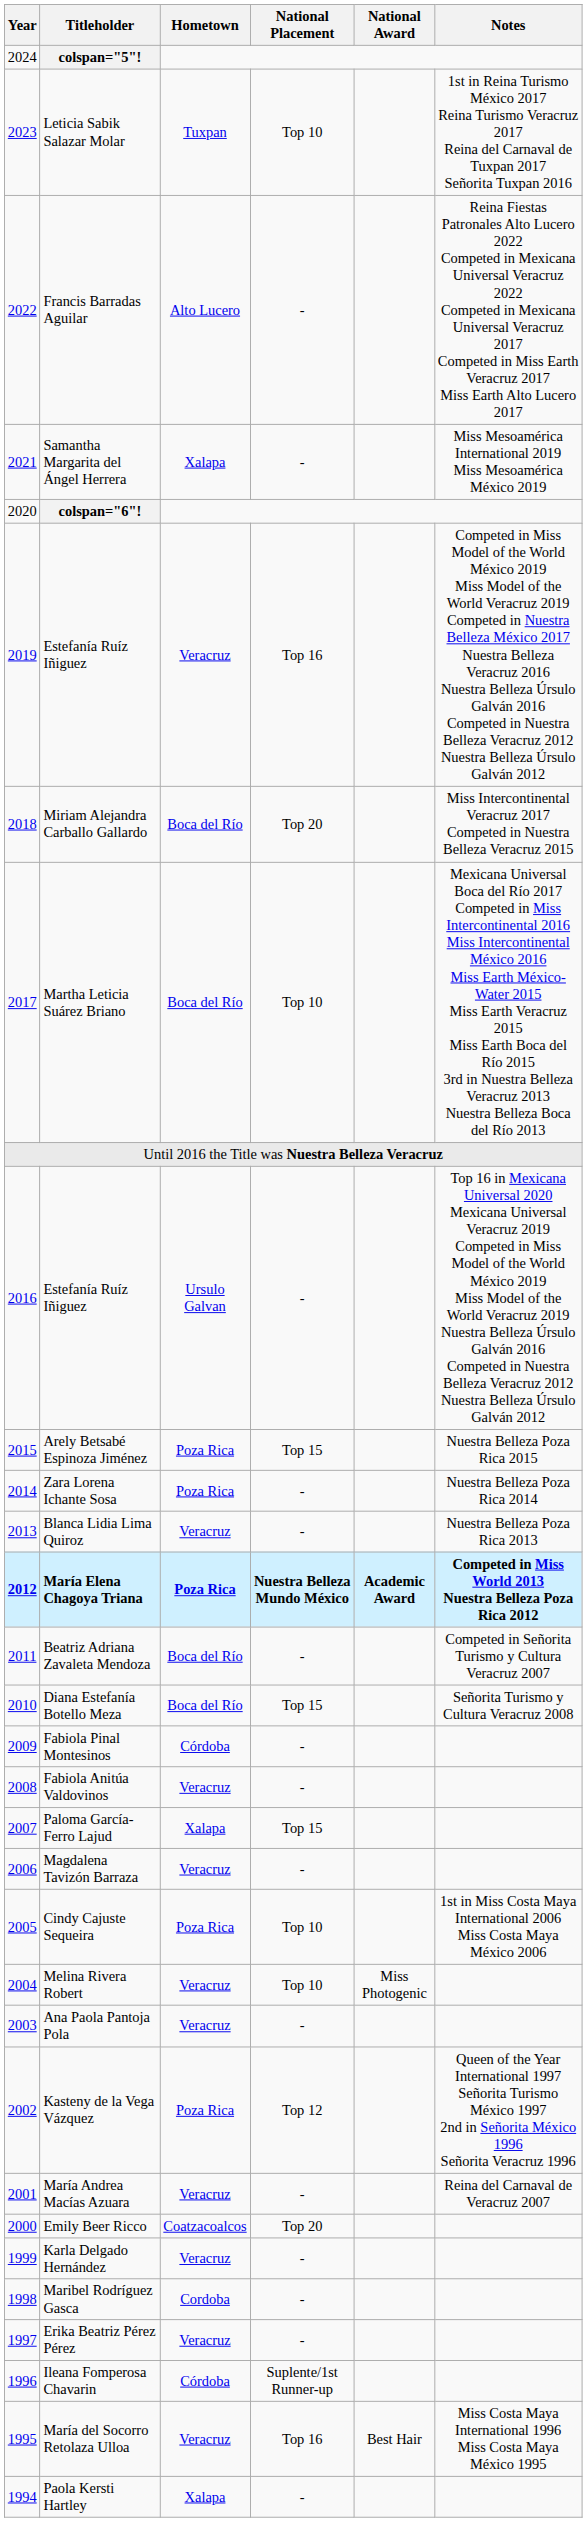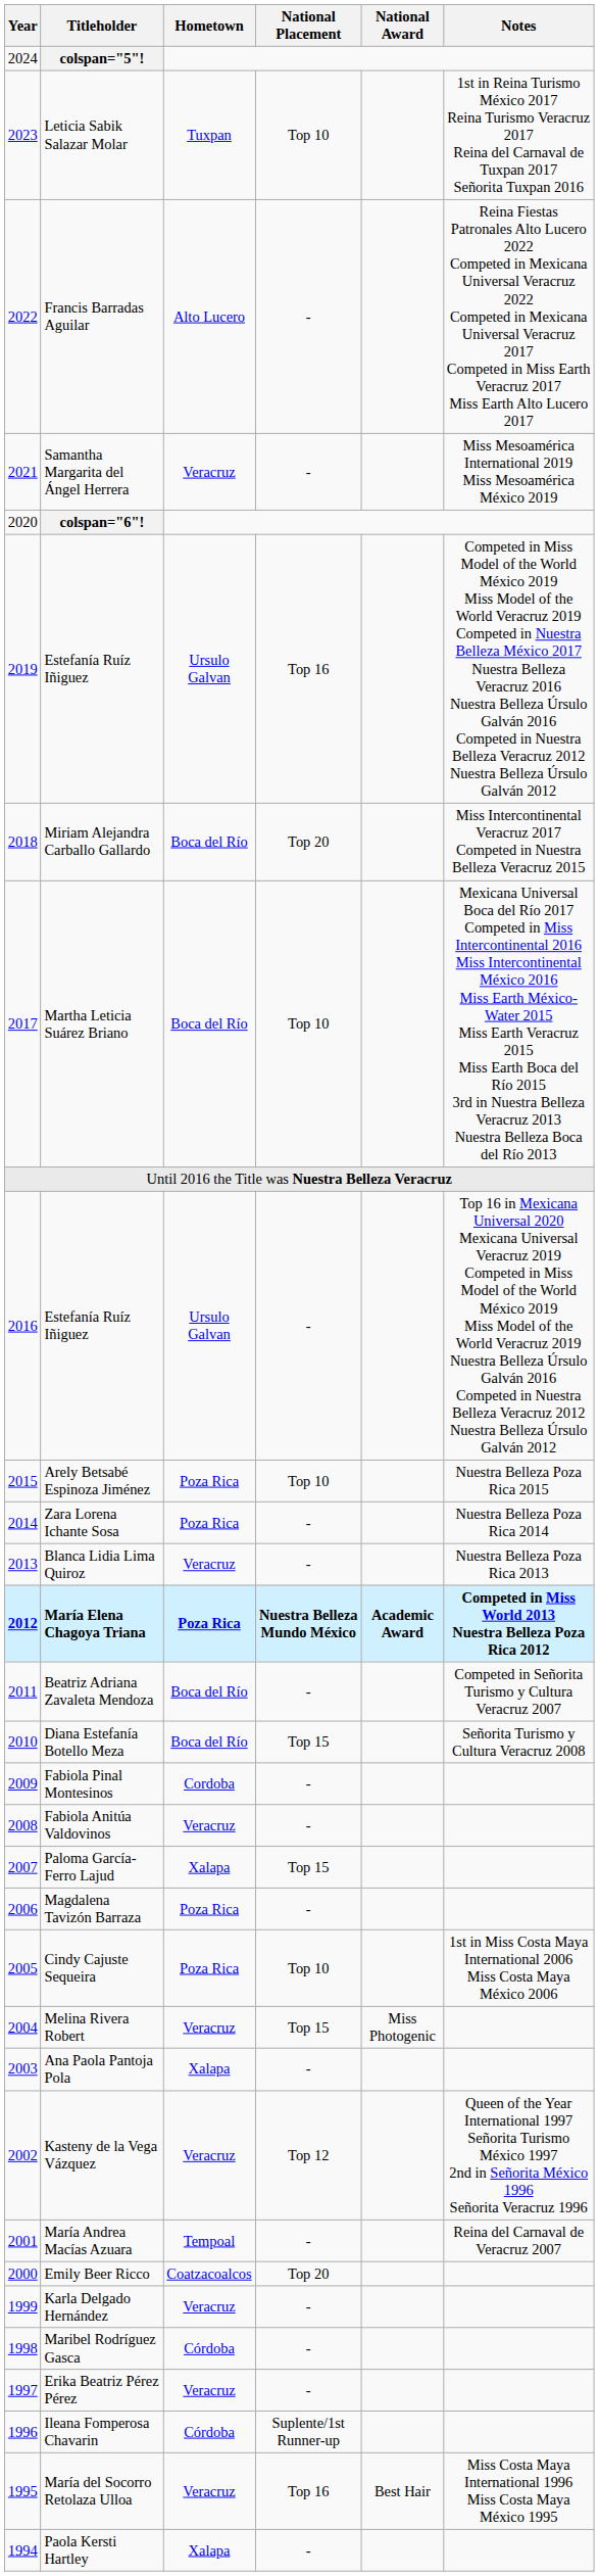 <table class="wikitable sortable" style="font-size:95%;">
 <tr>
 <th>Year</th>
 <th>Titleholder</th>
 <th>Hometown</th>
 <th>National Placement</th>
 <th>National Award</th>
 <th>Notes</th>
 </tr>
 <tr>
 <td align="center">2024</td>
 <th>colspan="5"!</th>
 </tr>
 <tr>
 <td align="center"><a href='#'>2023</a></td>
 <td>Leticia Sabik Salazar Molar</td>
 <td align="center"><a href='#'>Tuxpan</a></td>
 <td align="center">Top 10</td>
 <td align="center"></td>
 <td align="center">1st in Reina Turismo México 2017<br>Reina Turismo Veracruz 2017<br>Reina del Carnaval de Tuxpan 2017<br>Señorita Tuxpan 2016</td>
 </tr>
 <tr>
 <td align="center"><a href='#'>2022</a></td>
 <td>Francis Barradas Aguilar</td>
 <td align="center"><a href='#'>Alto Lucero</a></td>
 <td align="center">-</td>
 <td align="center"></td>
 <td align="center">Reina Fiestas Patronales Alto Lucero 2022<br>Competed in Mexicana Universal Veracruz 2022<br>Competed in Mexicana Universal Veracruz 2017<br>Competed in Miss Earth Veracruz 2017<br>Miss Earth Alto Lucero 2017</td>
 </tr>
 <tr>
 <td align="center"><a href='#'>2021</a></td>
 <td>Samantha Margarita del Ángel Herrera</td>
-<td align="center"><a href='#'>Xalapa</a></td>
+<td align="center"><a href='#'>Veracruz</a></td>
 <td align="center">-</td>
 <td align="center"></td>
 <td align="center">Miss Mesoamérica International 2019<br>Miss Mesoamérica México 2019</td>
 </tr>
 <tr>
 <td align="center">2020</td>
 <th>colspan="6"!</th>
 </tr>
 <tr>
 <td align="center"><a href='#'>2019</a></td>
 <td>Estefanía Ruíz Iñiguez</td>
-<td align="center"><a href='#'>Veracruz</a></td>
+<td align="center"><a href='#'>Ursulo Galvan</a></td>
 <td align="center">Top 16</td>
 <td align="center"></td>
 <td align="center">Competed in Miss Model of the World México 2019<br>Miss Model of the World Veracruz 2019<br>Competed in <a href='#'>Nuestra Belleza México 2017</a><br>Nuestra Belleza Veracruz 2016<br>Nuestra Belleza Úrsulo Galván 2016<br>Competed in Nuestra Belleza Veracruz 2012<br>Nuestra Belleza Úrsulo Galván 2012</td>
 </tr>
 <tr>
 <td align="center"><a href='#'>2018</a></td>
 <td>Miriam Alejandra Carballo Gallardo</td>
 <td align="center"><a href='#'>Boca del Río</a></td>
 <td align="center">Top 20</td>
 <td align="center"></td>
 <td align="center">Miss Intercontinental Veracruz 2017<br>Competed in Nuestra Belleza Veracruz 2015</td>
 </tr>
 <tr>
 <td align="center"><a href='#'>2017</a></td>
 <td>Martha Leticia Suárez Briano</td>
 <td align="center"><a href='#'>Boca del Río</a></td>
 <td align="center">Top 10</td>
 <td align="center"></td>
 <td align="center">Mexicana Universal Boca del Río 2017<br>Competed in <a href='#'>Miss Intercontinental 2016</a><br><a href='#'>Miss Intercontinental México 2016</a><br><a href='#'>Miss Earth México-Water 2015</a><br>Miss Earth Veracruz 2015<br>Miss Earth Boca del Río 2015<br>3rd in Nuestra Belleza Veracruz 2013<br>Nuestra Belleza Boca del Río 2013</td>
 </tr>
 <tr>
 <td colspan="6" bgcolor="#EAEAEA" style="text-align:center;">Until 2016 the Title was <strong>Nuestra Belleza Veracruz</strong></td>
 </tr>
 <tr>
 <td align="center"><a href='#'>2016</a></td>
 <td>Estefanía Ruíz Iñiguez</td>
 <td align="center"><a href='#'>Ursulo Galvan</a></td>
 <td align="center">-</td>
 <td align="center"></td>
 <td align="center">Top 16 in <a href='#'>Mexicana Universal 2020</a><br>Mexicana Universal Veracruz 2019<br>Competed in Miss Model of the World México 2019<br>Miss Model of the World Veracruz 2019<br>Nuestra Belleza Úrsulo Galván 2016<br>Competed in Nuestra Belleza Veracruz 2012<br>Nuestra Belleza Úrsulo Galván 2012</td>
 </tr>
 <tr>
 <td align="center"><a href='#'>2015</a></td>
 <td>Arely Betsabé Espinoza Jiménez</td>
 <td align="center"><a href='#'>Poza Rica</a></td>
-<td align="center">Top 15</td>
+<td align="center">Top 10</td>
 <td align="center"></td>
 <td align="center">Nuestra Belleza Poza Rica 2015</td>
 </tr>
 <tr>
 <td align="center"><a href='#'>2014</a></td>
 <td>Zara Lorena Ichante Sosa</td>
 <td align="center"><a href='#'>Poza Rica</a></td>
 <td align="center">-</td>
 <td align="center"></td>
 <td align="center">Nuestra Belleza Poza Rica 2014</td>
 </tr>
 <tr>
 <td align="center"><a href='#'>2013</a></td>
 <td>Blanca Lidia Lima Quiroz</td>
 <td align="center"><a href='#'>Veracruz</a></td>
 <td align="center">-</td>
 <td align="center"></td>
 <td align="center">Nuestra Belleza Poza Rica 2013</td>
 </tr>
 <tr style="background:#CFF0FF;">
 <td align="center"><strong><a href='#'>2012</a></strong></td>
 <td><strong>María Elena Chagoya Triana</strong></td>
 <td align="center"><strong><a href='#'>Poza Rica</a></strong></td>
 <td align="center"><strong>Nuestra Belleza Mundo México</strong></td>
 <td align="center"><strong>Academic Award</strong></td>
 <td align="center"><strong>Competed in <a href='#'>Miss World 2013</a><br>Nuestra Belleza Poza Rica 2012</strong></td>
 </tr>
 <tr>
 <td align="center"><a href='#'>2011</a></td>
 <td>Beatriz Adriana Zavaleta Mendoza</td>
 <td align="center"><a href='#'>Boca del Río</a></td>
 <td align="center">-</td>
 <td align="center"></td>
 <td align="center">Competed in Señorita Turismo y Cultura Veracruz 2007</td>
 </tr>
 <tr>
 <td align="center"><a href='#'>2010</a></td>
 <td>Diana Estefanía Botello Meza</td>
 <td align="center"><a href='#'>Boca del Río</a></td>
 <td align="center">Top 15</td>
 <td align="center"></td>
 <td align="center">Señorita Turismo y Cultura Veracruz 2008</td>
 </tr>
 <tr>
 <td align="center"><a href='#'>2009</a></td>
 <td>Fabiola Pinal Montesinos</td>
-<td align="center"><a href='#'>Córdoba</a></td>
+<td align="center"><a href='#'>Cordoba</a></td>
 <td align="center">-</td>
 <td align="center"></td>
 <td align="center"></td>
 </tr>
 <tr>
 <td align="center"><a href='#'>2008</a></td>
 <td>Fabiola Anitúa Valdovinos</td>
 <td align="center"><a href='#'>Veracruz</a></td>
 <td align="center">-</td>
 <td align="center"></td>
 <td align="center"></td>
 </tr>
 <tr>
 <td align="center"><a href='#'>2007</a></td>
 <td>Paloma García-Ferro Lajud</td>
 <td align="center"><a href='#'>Xalapa</a></td>
 <td align="center">Top 15</td>
 <td align="center"></td>
 <td align="center"></td>
 </tr>
 <tr>
 <td align="center"><a href='#'>2006</a></td>
 <td>Magdalena Tavizón Barraza</td>
-<td align="center"><a href='#'>Veracruz</a></td>
+<td align="center"><a href='#'>Poza Rica</a></td>
 <td align="center">-</td>
 <td align="center"></td>
 <td align="center"></td>
 </tr>
 <tr>
 <td align="center"><a href='#'>2005</a></td>
 <td>Cindy Cajuste Sequeira</td>
 <td align="center"><a href='#'>Poza Rica</a></td>
 <td align="center">Top 10</td>
 <td align="center"></td>
 <td align="center">1st in Miss Costa Maya International 2006<br>Miss Costa Maya México 2006</td>
 </tr>
 <tr>
 <td align="center"><a href='#'>2004</a></td>
 <td>Melina Rivera Robert</td>
 <td align="center"><a href='#'>Veracruz</a></td>
-<td align="center">Top 10</td>
+<td align="center">Top 15</td>
 <td align="center">Miss Photogenic</td>
 <td align="center"></td>
 </tr>
 <tr>
 <td align="center"><a href='#'>2003</a></td>
 <td>Ana Paola Pantoja Pola</td>
-<td align="center"><a href='#'>Veracruz</a></td>
+<td align="center"><a href='#'>Xalapa</a></td>
 <td align="center">-</td>
 <td align="center"></td>
 <td align="center"></td>
 </tr>
 <tr>
 <td align="center"><a href='#'>2002</a></td>
 <td>Kasteny de la Vega Vázquez</td>
-<td align="center"><a href='#'>Poza Rica</a></td>
+<td align="center"><a href='#'>Veracruz</a></td>
 <td align="center">Top 12</td>
 <td align="center"></td>
 <td align="center">Queen of the Year International 1997<br>Señorita Turismo México 1997<br>2nd in <a href='#'>Señorita México 1996</a><br>Señorita Veracruz 1996</td>
 </tr>
 <tr>
 <td align="center"><a href='#'>2001</a></td>
 <td>María Andrea Macías Azuara</td>
-<td align="center"><a href='#'>Veracruz</a></td>
+<td align="center"><a href='#'>Tempoal</a></td>
 <td align="center">-</td>
 <td align="center"></td>
 <td align="center">Reina del Carnaval de Veracruz 2007</td>
 </tr>
 <tr>
 <td align="center"><a href='#'>2000</a></td>
 <td>Emily Beer Ricco</td>
 <td align="center"><a href='#'>Coatzacoalcos</a></td>
 <td align="center">Top 20</td>
 <td align="center"></td>
 <td align="center"></td>
 </tr>
 <tr>
 <td align="center"><a href='#'>1999</a></td>
 <td>Karla Delgado Hernández</td>
 <td align="center"><a href='#'>Veracruz</a></td>
 <td align="center">-</td>
 <td align="center"></td>
 <td align="center"></td>
 </tr>
 <tr>
 <td align="center"><a href='#'>1998</a></td>
 <td>Maribel Rodríguez Gasca</td>
-<td align="center"><a href='#'>Cordoba</a></td>
+<td align="center"><a href='#'>Córdoba</a></td>
 <td align="center">-</td>
 <td align="center"></td>
 <td align="center"></td>
 </tr>
 <tr>
 <td align="center"><a href='#'>1997</a></td>
 <td>Erika Beatriz Pérez Pérez</td>
 <td align="center"><a href='#'>Veracruz</a></td>
 <td align="center">-</td>
 <td align="center"></td>
 <td align="center"></td>
 </tr>
 <tr>
 <td align="center"><a href='#'>1996</a></td>
 <td>Ileana Fomperosa Chavarin</td>
 <td align="center"><a href='#'>Córdoba</a></td>
 <td align="center">Suplente/1st Runner-up</td>
 <td align="center"></td>
 <td align="center"></td>
 </tr>
 <tr>
 <td align="center"><a href='#'>1995</a></td>
 <td>María del Socorro Retolaza Ulloa</td>
 <td align="center"><a href='#'>Veracruz</a></td>
 <td align="center">Top 16</td>
 <td align="center">Best Hair</td>
 <td align="center">Miss Costa Maya International 1996<br>Miss Costa Maya México 1995</td>
 </tr>
 <tr>
 <td align="center"><a href='#'>1994</a></td>
 <td>Paola Kersti Hartley</td>
 <td align="center"><a href='#'>Xalapa</a></td>
 <td align="center">-</td>
 <td align="center"></td>
 <td align="center"></td>
 </tr>
 </table>
